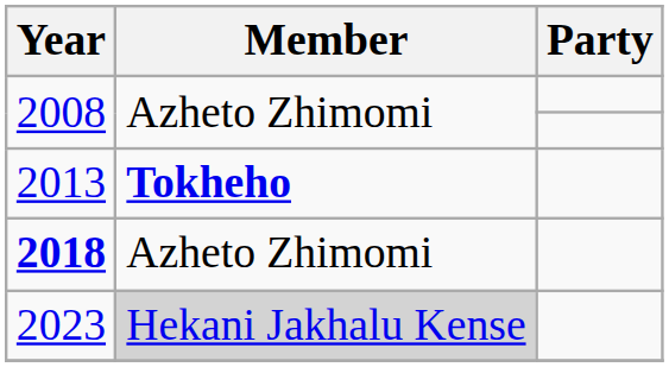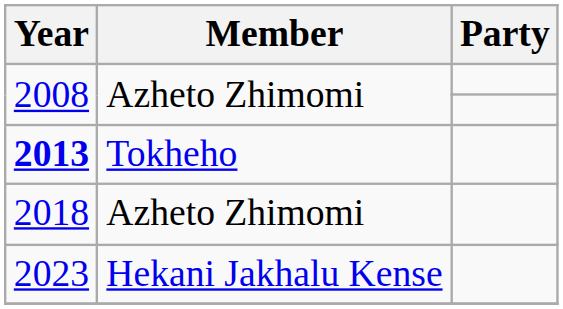 <table class="wikitable sortable">
 <tr>
 <th>Year</th>
 <th>Member</th>
 <th colspan="2">Party</th>
 </tr>
 <tr>
 <td rowspan=2><a href='#'>2008</a></td>
 <td rowspan=2>Azheto Zhimomi</td>
 <td></td>
 </tr>
 <tr>
 <td></td>
 </tr>
 <tr>
-<td><a href='#'>2013</a></td>
-<td><strong><a href='#'>Tokheho</a></strong></td>
+<td><strong><a href='#'>2013</a></strong></td>
+<td><a href='#'>Tokheho</a></td>
 <td></td>
 </tr>
 <tr>
-<td><strong><a href='#'>2018</a></strong></td>
+<td><a href='#'>2018</a></td>
 <td>Azheto Zhimomi</td>
 <td></td>
 </tr>
 <tr>
 <td><a href='#'>2023</a></td>
-<td style="background: lightgrey;"><a href='#'>Hekani Jakhalu Kense</a></td>
+<td><a href='#'>Hekani Jakhalu Kense</a></td>
 <td></td>
 </tr>
 <tr>
 </tr>
 </table>
